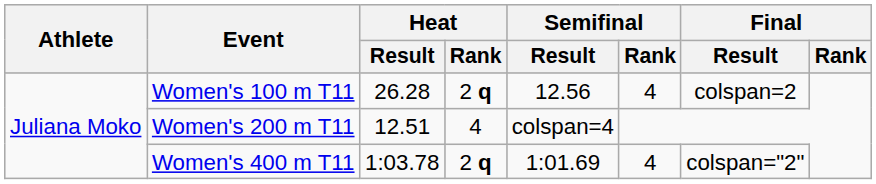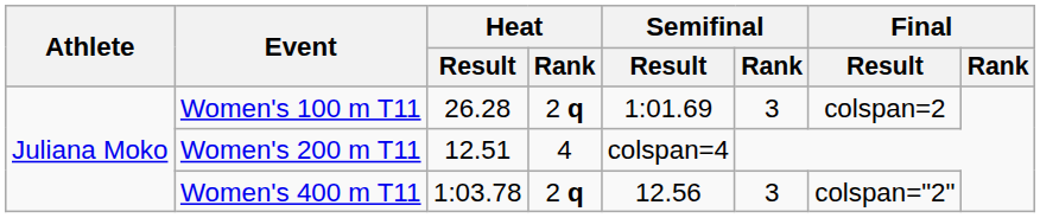 <table class="wikitable" style="font-size:90%">
 <tr>
 <th rowspan="2">Athlete</th>
 <th rowspan="2">Event</th>
 <th colspan="2">Heat</th>
 <th colspan="2">Semifinal</th>
 <th colspan="2">Final</th>
 </tr>
 <tr style="font-size:95%">
 <th>Result</th>
 <th>Rank</th>
 <th>Result</th>
 <th>Rank</th>
 <th>Result</th>
 <th>Rank</th>
 </tr>
 <tr align=center>
 <td align=left rowspan=3><a href='#'>Juliana Moko</a></td>
 <td align=left><a href='#'> Women's 100 m T11</a></td>
 <td>26.28</td>
 <td>2 <strong>q</strong></td>
-<td>12.56</td>
-<td>4</td>
+<td>1:01.69</td>
+<td>3</td>
 <td>colspan=2 </td>
 </tr>
 <tr align=center>
 <td align=left><a href='#'>Women's 200 m T11</a></td>
 <td>12.51</td>
 <td>4</td>
 <td>colspan=4 </td>
 </tr>
 <tr align=center>
 <td align=left><a href='#'>Women's 400 m T11</a></td>
 <td>1:03.78</td>
 <td>2 <strong>q</strong></td>
-<td>1:01.69</td>
-<td>4</td>
+<td>12.56</td>
+<td>3</td>
 <td>colspan="2" </td>
 </tr>
 </table>
